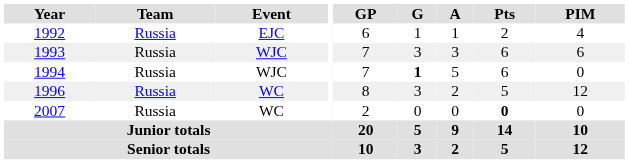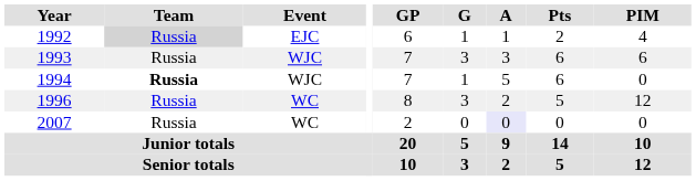 <table border="0" cellpadding="1" cellspacing="0" ID="Table3" style="text-align:center; width:40em;">
 <tr bgcolor="#e0e0e0">
 <th>Year</th>
 <th>Team</th>
 <th>Event</th>
 <th rowspan="102" bgcolor="#ffffff"></th>
 <th>GP</th>
 <th>G</th>
 <th>A</th>
 <th>Pts</th>
 <th>PIM</th>
 </tr>
 <tr>
 <td><a href='#'>1992</a></td>
-<td><a href='#'>Russia</a></td>
+<td style="background: lightgrey;"><a href='#'>Russia</a></td>
 <td><a href='#'>EJC</a></td>
 <td>6</td>
 <td>1</td>
 <td>1</td>
 <td>2</td>
 <td>4</td>
 </tr>
 <tr bgcolor="#f0f0f0">
 <td><a href='#'>1993</a></td>
 <td>Russia</td>
 <td><a href='#'>WJC</a></td>
 <td>7</td>
 <td>3</td>
 <td>3</td>
 <td>6</td>
 <td>6</td>
 </tr>
 <tr>
 <td><a href='#'>1994</a></td>
-<td>Russia</td>
+<td><strong>Russia</strong></td>
 <td>WJC</td>
 <td>7</td>
-<td><strong>1</strong></td>
+<td>1</td>
 <td>5</td>
 <td>6</td>
 <td>0</td>
 </tr>
 <tr bgcolor="#f0f0f0">
 <td><a href='#'>1996</a></td>
 <td><a href='#'>Russia</a></td>
 <td><a href='#'>WC</a></td>
 <td>8</td>
 <td>3</td>
 <td>2</td>
 <td>5</td>
 <td>12</td>
 </tr>
 <tr>
 <td><a href='#'>2007</a></td>
 <td>Russia</td>
 <td>WC</td>
 <td>2</td>
 <td>0</td>
+<td style="background: lavender;">0</td>
 <td>0</td>
-<td><strong>0</strong></td>
 <td>0</td>
 </tr>
 <tr bgcolor="#e0e0e0">
 <th colspan="4">Junior totals</th>
 <th>20</th>
 <th>5</th>
 <th>9</th>
 <th>14</th>
 <th>10</th>
 </tr>
 <tr bgcolor="#e0e0e0">
 <th colspan="4">Senior totals</th>
 <th>10</th>
 <th>3</th>
 <th>2</th>
 <th>5</th>
 <th>12</th>
 </tr>
 </table>
